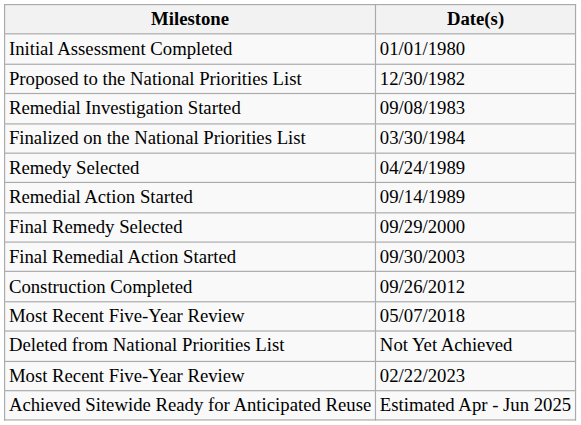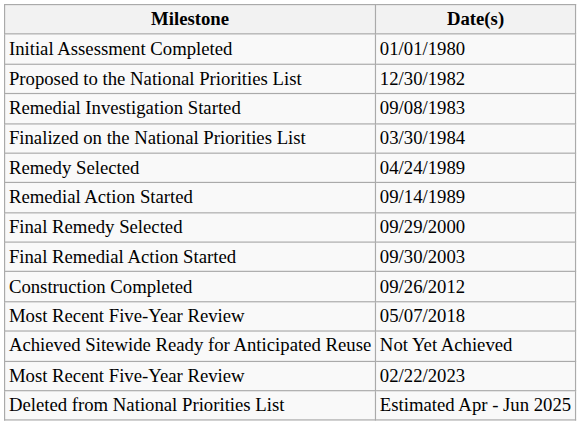 <table class="wikitable">
 <tr>
 <th>Milestone</th>
 <th>Date(s)</th>
 </tr>
 <tr>
 <td>Initial Assessment Completed</td>
 <td>01/01/1980</td>
 </tr>
 <tr>
 <td>Proposed to the National Priorities List</td>
 <td>12/30/1982</td>
 </tr>
 <tr>
 <td>Remedial Investigation Started</td>
 <td>09/08/1983</td>
 </tr>
 <tr>
 <td>Finalized on the National Priorities List</td>
 <td>03/30/1984</td>
 </tr>
 <tr>
 <td>Remedy Selected</td>
 <td>04/24/1989</td>
 </tr>
 <tr>
 <td>Remedial Action Started</td>
 <td>09/14/1989</td>
 </tr>
 <tr>
 <td>Final Remedy Selected</td>
 <td>09/29/2000</td>
 </tr>
 <tr>
 <td>Final Remedial Action Started</td>
 <td>09/30/2003</td>
 </tr>
 <tr>
 <td>Construction Completed</td>
 <td>09/26/2012</td>
 </tr>
 <tr>
 <td>Most Recent Five-Year Review</td>
 <td>05/07/2018</td>
 </tr>
 <tr>
-<td>Deleted from National Priorities List</td>
+<td>Achieved Sitewide Ready for Anticipated Reuse</td>
 <td>Not Yet Achieved</td>
 </tr>
 <tr>
 <td>Most Recent Five-Year Review</td>
 <td>02/22/2023</td>
 </tr>
 <tr>
-<td>Achieved Sitewide Ready for Anticipated Reuse</td>
+<td>Deleted from National Priorities List</td>
 <td>Estimated Apr - Jun 2025</td>
 </tr>
 </table>
